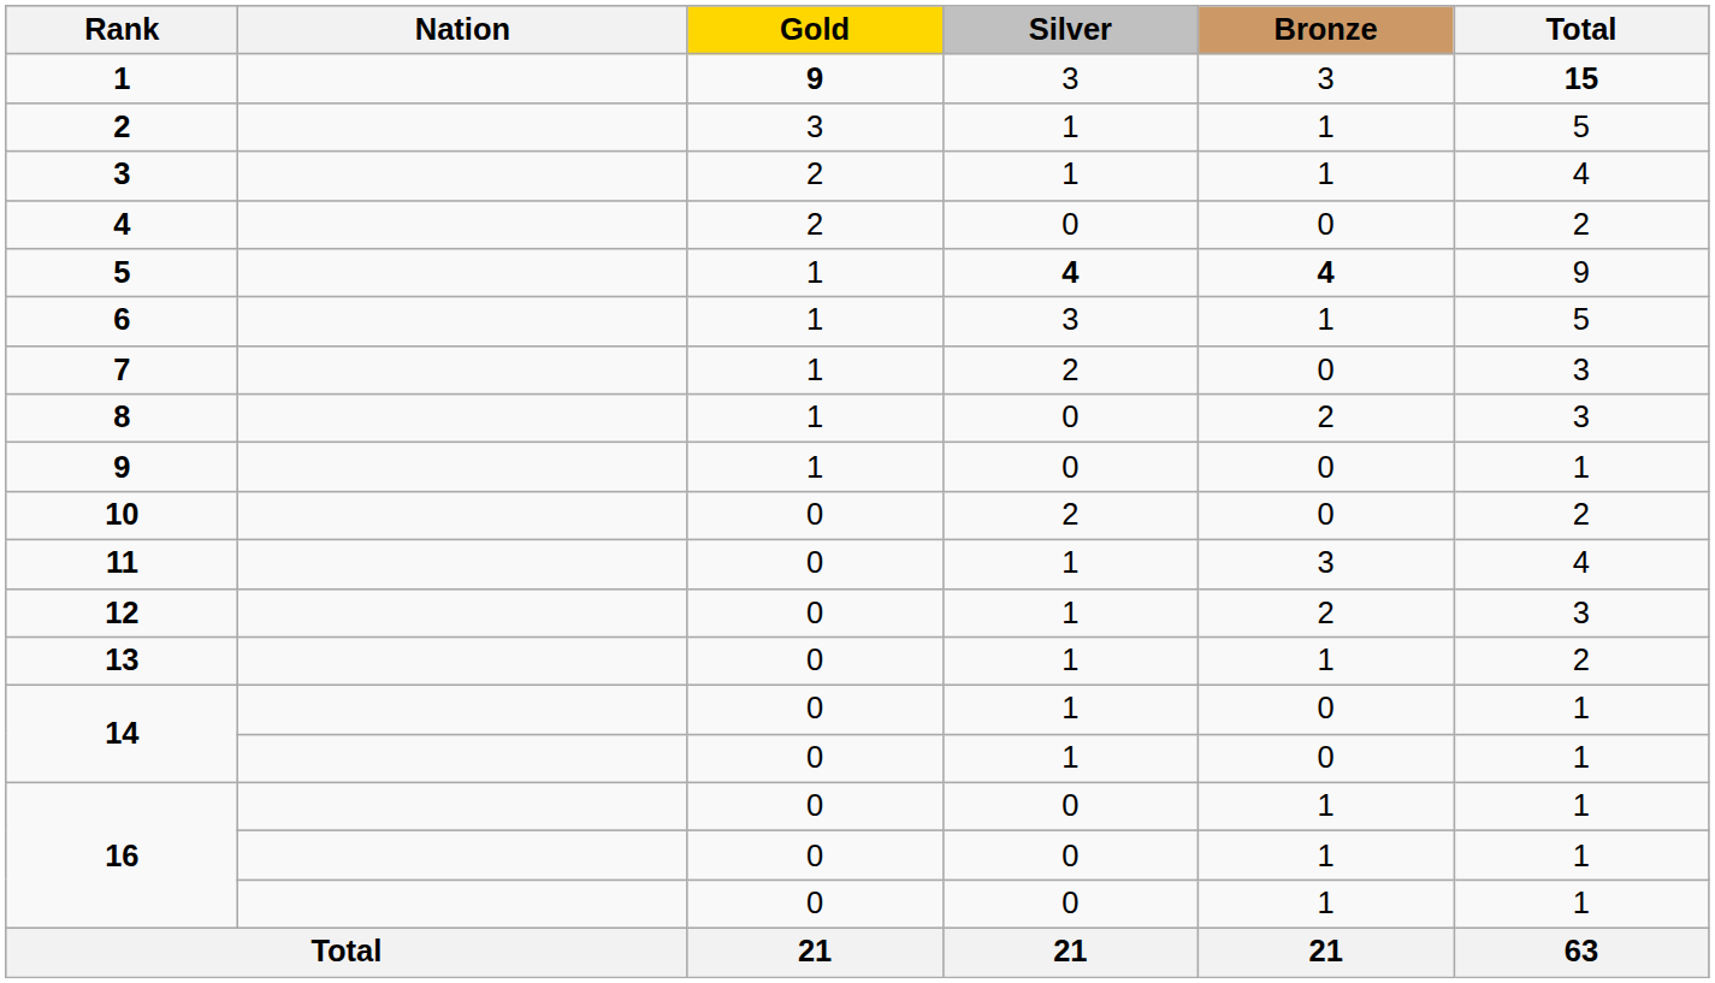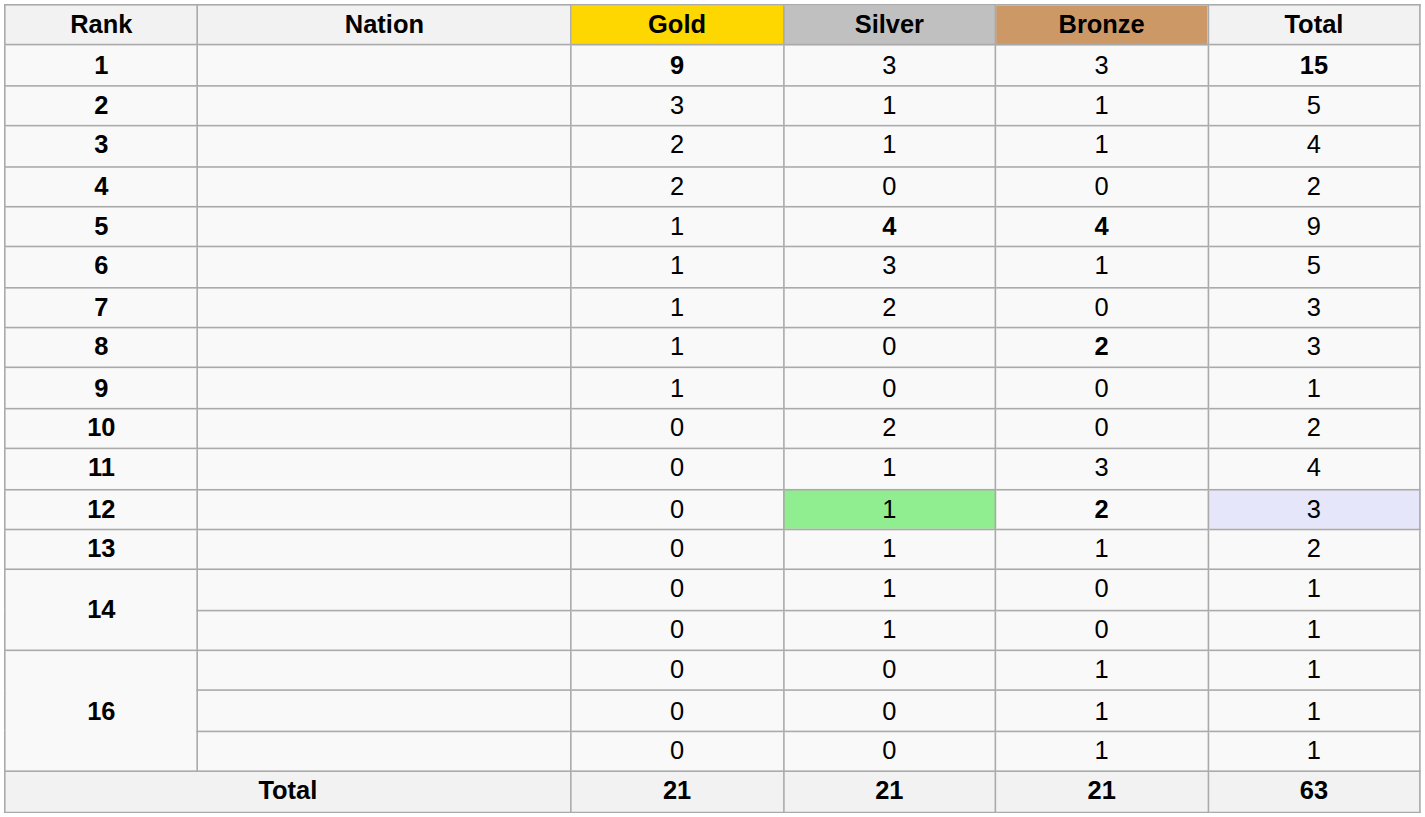 <table class="wikitable collapsible autocollapse plainrowheaders" width=70.5% style="text-align:center;">
 <tr style="background-color:#EDEDED;">
 <th width=100px class="hintergrundfarbe5">Rank</th>
 <th width=200px class="hintergrundfarbe6">Nation</th>
 <th style="background:    gold; width:15%">Gold</th>
 <th style="background:  silver; width:15%">Silver</th>
 <th style="background: #CC9966; width:15%">Bronze</th>
 <th class="hintergrundfarbe6" style="width:15%">Total</th>
 </tr>
 <tr>
 <td><strong>1</strong></td>
 <td align=left></td>
 <td><strong>9</strong></td>
 <td>3</td>
 <td>3</td>
 <td><strong>15</strong></td>
 </tr>
 <tr>
 <td><strong>2</strong></td>
 <td align=left></td>
 <td>3</td>
 <td>1</td>
 <td>1</td>
 <td>5</td>
 </tr>
 <tr>
 <td><strong>3</strong></td>
 <td align=left></td>
 <td>2</td>
 <td>1</td>
 <td>1</td>
 <td>4</td>
 </tr>
 <tr>
 <td><strong>4</strong></td>
 <td align=left><em></em></td>
 <td>2</td>
 <td>0</td>
 <td>0</td>
 <td>2</td>
 </tr>
 <tr>
 <td><strong>5</strong></td>
 <td align=left></td>
 <td>1</td>
 <td><strong>4</strong></td>
 <td><strong>4</strong></td>
 <td>9</td>
 </tr>
 <tr>
 <td><strong>6</strong></td>
 <td align=left></td>
 <td>1</td>
 <td>3</td>
 <td>1</td>
 <td>5</td>
 </tr>
 <tr>
 <td><strong>7</strong></td>
 <td align=left></td>
 <td>1</td>
 <td>2</td>
 <td>0</td>
 <td>3</td>
 </tr>
 <tr>
 <td><strong>8</strong></td>
 <td align=left></td>
 <td>1</td>
 <td>0</td>
-<td>2</td>
+<td><strong>2</strong></td>
 <td>3</td>
 </tr>
 <tr>
 <td><strong>9</strong></td>
 <td align=left></td>
 <td>1</td>
 <td>0</td>
 <td>0</td>
 <td>1</td>
 </tr>
 <tr>
 <td><strong>10</strong></td>
 <td align=left></td>
 <td>0</td>
 <td>2</td>
 <td>0</td>
 <td>2</td>
 </tr>
 <tr>
 <td><strong>11</strong></td>
 <td align=left></td>
 <td>0</td>
 <td>1</td>
 <td>3</td>
 <td>4</td>
 </tr>
 <tr>
 <td><strong>12</strong></td>
 <td align=left><em></em></td>
 <td>0</td>
-<td>1</td>
-<td>2</td>
-<td>3</td>
+<td style="background: lightgreen;">1</td>
+<td><strong>2</strong></td>
+<td style="background: lavender;">3</td>
 </tr>
 <tr>
 <td><strong>13</strong></td>
 <td align=left></td>
 <td>0</td>
 <td>1</td>
 <td>1</td>
 <td>2</td>
 </tr>
 <tr>
 <td rowspan=2><strong>14</strong></td>
 <td align=left></td>
 <td>0</td>
 <td>1</td>
 <td>0</td>
 <td>1</td>
 </tr>
 <tr>
 <td align=left><em></em></td>
 <td>0</td>
 <td>1</td>
 <td>0</td>
 <td>1</td>
 </tr>
 <tr>
 <td rowspan=3><strong>16</strong></td>
 <td align=left></td>
 <td>0</td>
 <td>0</td>
 <td>1</td>
 <td>1</td>
 </tr>
 <tr>
 <td align=left></td>
 <td>0</td>
 <td>0</td>
 <td>1</td>
 <td>1</td>
 </tr>
 <tr>
 <td align=left></td>
 <td>0</td>
 <td>0</td>
 <td>1</td>
 <td>1</td>
 </tr>
 <tr>
 <th colspan=2>Total</th>
 <th>21</th>
 <th>21</th>
 <th>21</th>
 <th>63</th>
 </tr>
 </table>
